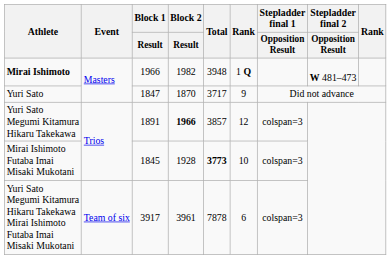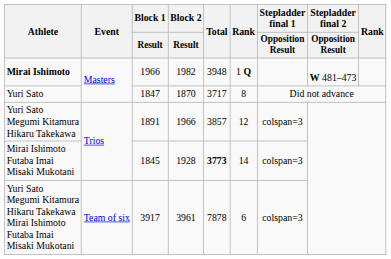 <table class=wikitable style=font-size:90%;text-align:center>
 <tr>
 <th rowspan="2">Athlete</th>
 <th rowspan="2">Event</th>
 <th>Block 1</th>
 <th>Block 2</th>
 <th rowspan="2">Total</th>
 <th rowspan="2">Rank</th>
 <th>Stepladder<br>final 1</th>
 <th>Stepladder<br>final 2</th>
 <th rowspan="2">Rank</th>
 </tr>
 <tr style="font-size:95%">
 <th>Result</th>
 <th>Result</th>
 <th>Opposition<br>Result</th>
 <th>Opposition<br>Result</th>
 </tr>
 <tr>
 <td style="text-align:left"><strong>Mirai Ishimoto</strong></td>
 <td style="text-align:left" rowspan=2><a href='#'>Masters</a></td>
 <td>1966</td>
 <td>1982</td>
 <td>3948</td>
 <td>1 <strong>Q</strong></td>
 <td></td>
 <td><br><strong>W</strong> 481–473</td>
 <td></td>
 </tr>
 <tr>
 <td style="text-align:left">Yuri Sato</td>
 <td>1847</td>
 <td>1870</td>
 <td>3717</td>
-<td>9</td>
+<td>8</td>
 <td colspan=3>Did not advance</td>
 </tr>
 <tr>
 <td style="text-align:left">Yuri Sato<br>Megumi Kitamura<br>Hikaru Takekawa</td>
 <td style="text-align:left" rowspan=2><a href='#'>Trios</a></td>
 <td>1891</td>
-<td><strong>1966</strong></td>
+<td>1966</td>
 <td>3857</td>
 <td>12</td>
 <td>colspan=3 </td>
 </tr>
 <tr>
 <td style="text-align:left">Mirai Ishimoto<br>Futaba Imai<br>Misaki Mukotani</td>
 <td>1845</td>
 <td>1928</td>
 <td><strong>3773</strong></td>
-<td>10</td>
+<td>14</td>
 <td>colspan=3 </td>
 </tr>
 <tr>
 <td style="text-align:left">Yuri Sato<br>Megumi Kitamura<br>Hikaru Takekawa<br>Mirai Ishimoto<br>Futaba Imai<br>Misaki Mukotani</td>
 <td style="text-align:left"><a href='#'>Team of six</a></td>
 <td>3917</td>
 <td>3961</td>
 <td>7878</td>
 <td>6</td>
 <td>colspan=3 </td>
 </tr>
 </table>
